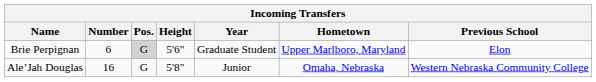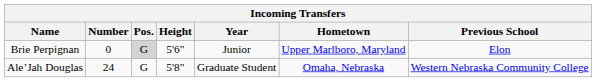 <table class="wikitable sortable" border="1" style="text-align: center;">
 <tr>
 <th colspan=7>Incoming Transfers</th>
 </tr>
 <tr align=center>
 <th>Name</th>
 <th>Number</th>
 <th>Pos.</th>
 <th>Height</th>
 <th>Year</th>
 <th>Hometown</th>
 <th>Previous School</th>
 </tr>
 <tr>
 <td>Brie Perpignan</td>
-<td>6</td>
+<td>0</td>
 <td style="background: lightgrey;">G</td>
 <td>5'6"</td>
-<td>Graduate Student</td>
+<td>Junior</td>
 <td><a href='#'>Upper Marlboro, Maryland</a></td>
 <td><a href='#'>Elon</a></td>
 </tr>
 <tr>
 <td>Ale’Jah Douglas</td>
-<td>16</td>
+<td>24</td>
 <td>G</td>
 <td>5'8"</td>
-<td>Junior</td>
+<td>Graduate Student</td>
 <td><a href='#'>Omaha, Nebraska</a></td>
 <td><a href='#'>Western Nebraska Community College</a></td>
 </tr>
 </table>
